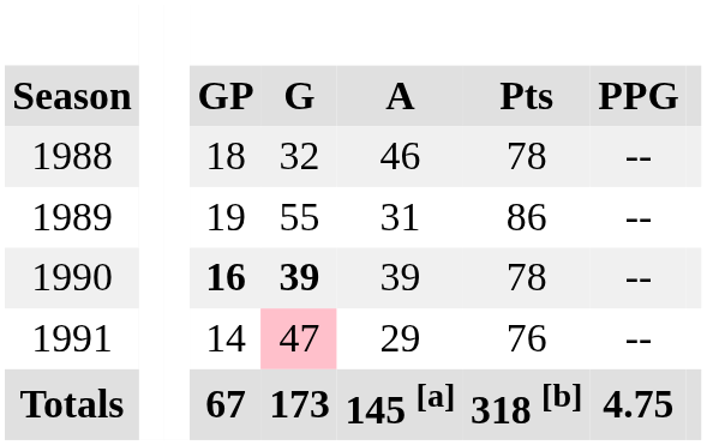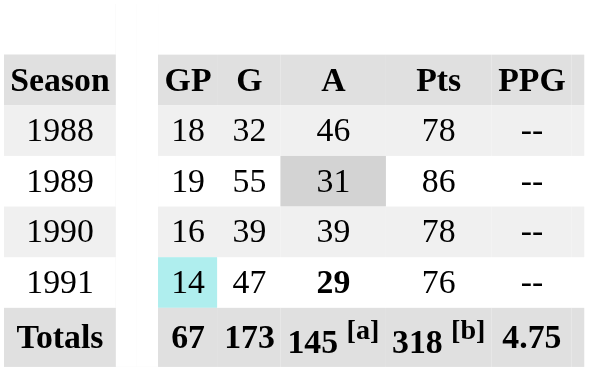 <table BORDER="0" CELLPADDING="3" CELLSPACING="0">
 <tr ALIGN="center" bgcolor="#e0e0e0">
 <th colspan="1" bgcolor="#ffffff"> </th>
 <th rowspan="99" bgcolor="#ffffff"> </th>
 <th rowspan="99" bgcolor="#ffffff"> </th>
 </tr>
 <tr ALIGN="center" bgcolor="#e0e0e0">
 <th>Season</th>
 <th>GP</th>
 <th>G</th>
 <th>A</th>
 <th>Pts</th>
 <th>PPG</th>
 <th></th>
 </tr>
 <tr ALIGN="center" bgcolor="#f0f0f0">
 <td>1988</td>
 <td>18</td>
 <td>32</td>
 <td>46</td>
 <td>78</td>
 <td>--</td>
 <td></td>
 </tr>
 <tr ALIGN="center">
 <td>1989</td>
 <td>19</td>
 <td>55</td>
-<td>31</td>
+<td style="background: lightgrey;">31</td>
 <td>86</td>
 <td>--</td>
 <td></td>
 </tr>
 <tr ALIGN="center" bgcolor="#f0f0f0">
 <td>1990</td>
-<td><strong>16</strong></td>
-<td><strong>39</strong></td>
+<td>16</td>
+<td>39</td>
 <td>39</td>
 <td>78</td>
 <td>--</td>
 <td></td>
 </tr>
 <tr ALIGN="center">
 <td>1991</td>
-<td>14</td>
-<td style="background: pink;">47</td>
-<td>29</td>
+<td style="background: paleturquoise;">14</td>
+<td>47</td>
+<td><strong>29</strong></td>
 <td>76</td>
 <td>--</td>
 <td></td>
 </tr>
 <tr ALIGN="center" bgcolor="#e0e0e0">
 <th colspan="1.5">Totals</th>
 <th>67</th>
 <th>173</th>
 <th>145  <sup><strong>[a]</strong></sup></th>
 <th>318  <sup><strong>[b]</strong></sup></th>
 <th>4.75</th>
 <th></th>
 </tr>
 </table>
